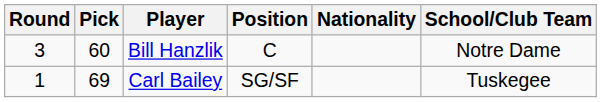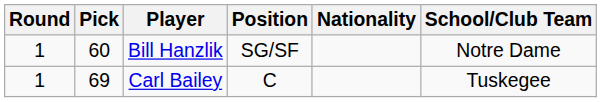 <table class="wikitable sortable sortable">
 <tr>
 <th>Round</th>
 <th>Pick</th>
 <th>Player</th>
 <th>Position</th>
 <th>Nationality</th>
 <th>School/Club Team</th>
 </tr>
 <tr style="text-align: center">
-<td>3</td>
+<td>1</td>
 <td>60</td>
 <td><a href='#'>Bill Hanzlik</a></td>
-<td>C</td>
+<td>SG/SF</td>
 <td></td>
 <td>Notre Dame</td>
 </tr>
 <tr style="text-align: center">
 <td>1</td>
 <td>69</td>
 <td><a href='#'>Carl Bailey</a></td>
-<td>SG/SF</td>
+<td>C</td>
 <td></td>
 <td>Tuskegee</td>
 </tr>
 </table>
